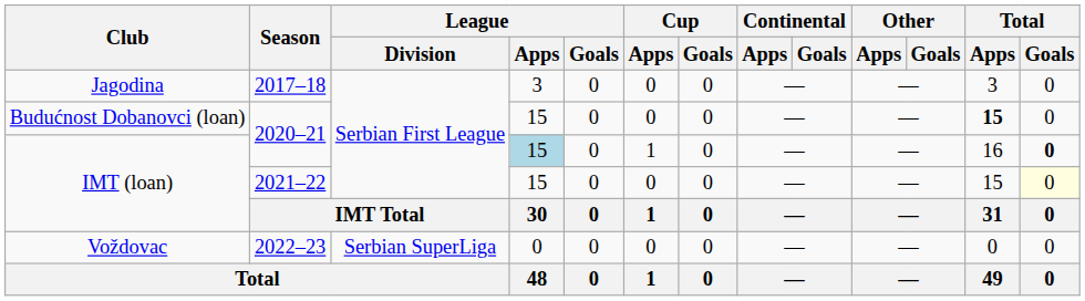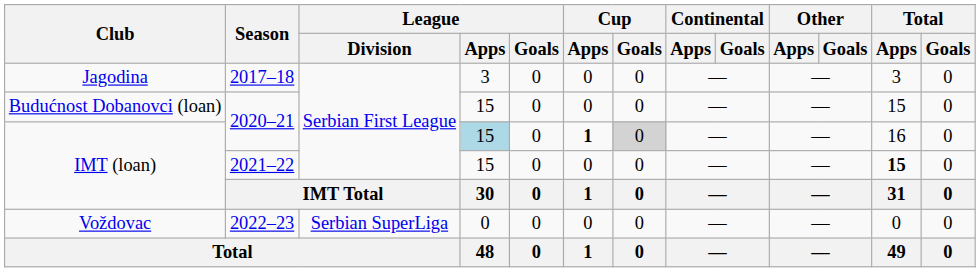 <table class="wikitable" style="text-align:center">
 <tr>
 <th rowspan="2">Club</th>
 <th rowspan="2">Season</th>
 <th colspan="3">League</th>
 <th colspan="2">Cup</th>
 <th colspan="2">Continental</th>
 <th colspan="2">Other</th>
 <th colspan="2">Total</th>
 </tr>
 <tr>
 <th>Division</th>
 <th>Apps</th>
 <th>Goals</th>
 <th>Apps</th>
 <th>Goals</th>
 <th>Apps</th>
 <th>Goals</th>
 <th>Apps</th>
 <th>Goals</th>
 <th>Apps</th>
 <th>Goals</th>
 </tr>
 <tr>
 <td><a href='#'>Jagodina</a></td>
 <td><a href='#'>2017–18</a></td>
 <td rowspan="4"><a href='#'>Serbian First League</a></td>
 <td>3</td>
 <td>0</td>
 <td>0</td>
 <td>0</td>
 <td colspan="2">—</td>
 <td colspan="2">—</td>
 <td>3</td>
 <td>0</td>
 </tr>
 <tr>
 <td><a href='#'>Budućnost Dobanovci</a> (loan)</td>
 <td rowspan="2"><a href='#'>2020–21</a></td>
 <td>15</td>
 <td>0</td>
 <td>0</td>
 <td>0</td>
 <td colspan="2">—</td>
 <td colspan="2">—</td>
-<td><strong>15</strong></td>
+<td>15</td>
 <td>0</td>
 </tr>
 <tr>
 <td rowspan="3"><a href='#'>IMT</a> (loan)</td>
 <td style="background: lightblue;">15</td>
 <td>0</td>
-<td>1</td>
-<td>0</td>
+<td><strong>1</strong></td>
+<td style="background: lightgrey;">0</td>
 <td colspan="2">—</td>
 <td colspan="2">—</td>
 <td>16</td>
-<td><strong>0</strong></td>
+<td>0</td>
 </tr>
 <tr>
 <td><a href='#'>2021–22</a></td>
 <td>15</td>
 <td>0</td>
 <td>0</td>
 <td>0</td>
 <td colspan="2">—</td>
 <td colspan="2">—</td>
-<td>15</td>
-<td style="background: lightyellow;">0</td>
+<td><strong>15</strong></td>
+<td>0</td>
 </tr>
 <tr>
 <th colspan="2">IMT Total</th>
 <th>30</th>
 <th>0</th>
 <th>1</th>
 <th>0</th>
 <th colspan="2">—</th>
 <th colspan="2">—</th>
 <th>31</th>
 <th>0</th>
 </tr>
 <tr>
 <td rowspan="1"><a href='#'>Voždovac</a></td>
 <td><a href='#'>2022–23</a></td>
 <td rowspan="1"><a href='#'>Serbian SuperLiga</a></td>
 <td>0</td>
 <td>0</td>
 <td>0</td>
 <td>0</td>
 <td colspan="2">—</td>
 <td colspan="2">—</td>
 <td>0</td>
 <td>0</td>
 </tr>
 <tr>
 <th colspan="3">Total</th>
 <th>48</th>
 <th>0</th>
 <th>1</th>
 <th>0</th>
 <th colspan="2">—</th>
 <th colspan="2">—</th>
 <th>49</th>
 <th>0</th>
 </tr>
 </table>
